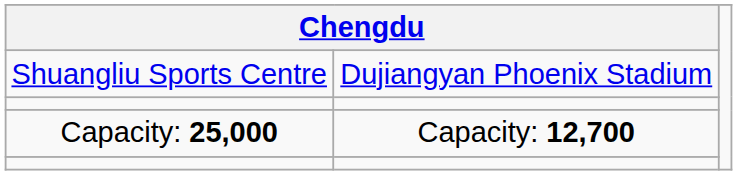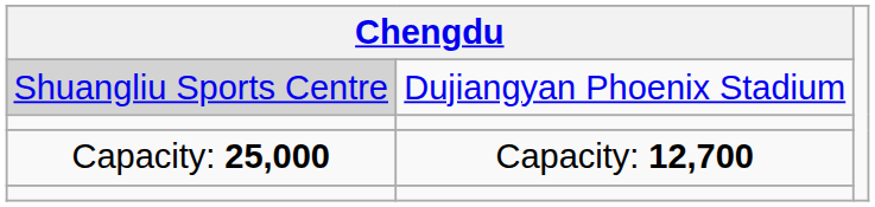 <table class="wikitable" style="margin:0.5em auto; text-align:center">
 <tr>
 <th colspan="2"><a href='#'>Chengdu</a></th>
 <td rowspan="5"><br></td>
 </tr>
 <tr>
-<td><a href='#'>Shuangliu Sports Centre</a></td>
+<td style="background: lightgrey;"><a href='#'>Shuangliu Sports Centre</a></td>
 <td><a href='#'>Dujiangyan Phoenix Stadium</a></td>
 </tr>
 <tr>
 <td><small></small></td>
 <td><small></small></td>
 </tr>
 <tr>
 <td>Capacity: <strong>25,000</strong></td>
 <td>Capacity: <strong>12,700</strong></td>
 </tr>
 <tr>
 <td></td>
 <td></td>
 </tr>
 </table>
